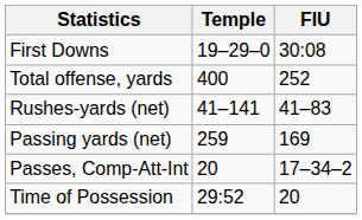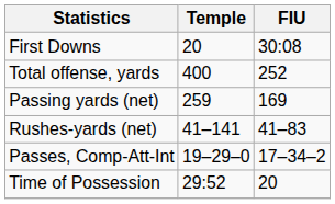 <table class="wikitable">
 <tr>
 <th>Statistics</th>
 <th>Temple</th>
 <th>FIU</th>
 </tr>
 <tr>
 <td>First Downs</td>
-<td>19–29–0</td>
+<td>20</td>
 <td>30:08</td>
 </tr>
 <tr>
 <td>Total offense, yards</td>
 <td>400</td>
 <td>252</td>
 </tr>
 <tr>
+<td>Passing yards (net)</td>
+<td>259</td>
+<td>169</td>
+</tr>
+<tr>
 <td>Rushes-yards (net)</td>
 <td>41–141</td>
 <td>41–83</td>
 </tr>
 <tr>
-<td>Passing yards (net)</td>
-<td>259</td>
-<td>169</td>
-</tr>
-<tr>
 <td>Passes, Comp-Att-Int</td>
-<td>20</td>
+<td>19–29–0</td>
 <td>17–34–2</td>
 </tr>
 <tr>
 <td>Time of Possession</td>
 <td>29:52</td>
 <td>20</td>
 </tr>
 <tr>
 </tr>
 </table>
